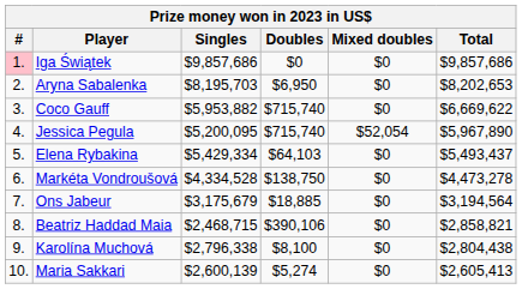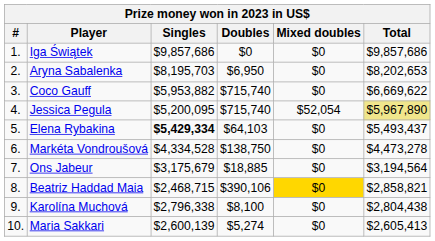 <table class="wikitable" style="text-align:center">
 <tr>
 <th colspan="6">Prize money won in 2023 in US$</th>
 </tr>
 <tr>
 <th>#</th>
 <th scope="col">Player</th>
 <th scope="col">Singles</th>
 <th scope="col">Doubles</th>
 <th scope="col">Mixed doubles</th>
 <th scope="col">Total</th>
 </tr>
 <tr>
-<td style="background: pink;">1.</td>
+<td>1.</td>
 <td style="text-align:left"> <a href='#'>Iga Świątek</a></td>
 <td>$9,857,686</td>
 <td>$0</td>
 <td>$0</td>
 <td>$9,857,686</td>
 </tr>
 <tr>
 <td>2.</td>
 <td style="text-align:left"> <a href='#'>Aryna Sabalenka</a></td>
 <td>$8,195,703</td>
 <td>$6,950</td>
 <td>$0</td>
 <td>$8,202,653</td>
 </tr>
 <tr>
 <td>3.</td>
 <td style="text-align:left"> <a href='#'>Coco Gauff</a></td>
 <td>$5,953,882</td>
 <td>$715,740</td>
 <td>$0</td>
 <td>$6,669,622</td>
 </tr>
 <tr>
 <td>4.</td>
 <td style="text-align:left"> <a href='#'>Jessica Pegula</a></td>
 <td>$5,200,095</td>
 <td>$715,740</td>
 <td>$52,054</td>
-<td>$5,967,890</td>
+<td style="background: khaki;">$5,967,890</td>
 </tr>
 <tr>
 <td>5.</td>
 <td style="text-align:left"> <a href='#'>Elena Rybakina</a></td>
-<td>$5,429,334</td>
+<td><strong>$5,429,334</strong></td>
 <td>$64,103</td>
 <td>$0</td>
 <td>$5,493,437</td>
 </tr>
 <tr>
 <td>6.</td>
 <td style="text-align:left"> <a href='#'>Markéta Vondroušová</a></td>
 <td>$4,334,528</td>
 <td>$138,750</td>
 <td>$0</td>
 <td>$4,473,278</td>
 </tr>
 <tr>
 <td>7.</td>
 <td style="text-align:left"> <a href='#'>Ons Jabeur</a></td>
 <td>$3,175,679</td>
 <td>$18,885</td>
 <td>$0</td>
 <td>$3,194,564</td>
 </tr>
 <tr>
 <td>8.</td>
 <td style="text-align:left"> <a href='#'>Beatriz Haddad Maia</a></td>
 <td>$2,468,715</td>
 <td>$390,106</td>
-<td>$0</td>
+<td style="background: gold;">$0</td>
 <td>$2,858,821</td>
 </tr>
 <tr>
 <td>9.</td>
 <td style="text-align:left"> <a href='#'>Karolína Muchová</a></td>
 <td>$2,796,338</td>
 <td>$8,100</td>
 <td>$0</td>
 <td>$2,804,438</td>
 </tr>
 <tr>
 <td>10.</td>
 <td style="text-align:left"> <a href='#'>Maria Sakkari</a></td>
 <td>$2,600,139</td>
 <td>$5,274</td>
 <td>$0</td>
 <td>$2,605,413</td>
 </tr>
 </table>
